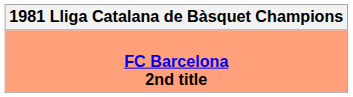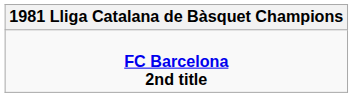 <table class=wikitable style="text-align:center; margin:auto">
 <tr>
 <th>1981 Lliga Catalana de Bàsquet Champions</th>
 </tr>
 <tr>
-<td style="background: lightsalmon;"> <br> <strong><a href='#'>FC Barcelona</a></strong> <br> <strong>2nd title</strong></td>
+<td> <br> <strong><a href='#'>FC Barcelona</a></strong> <br> <strong>2nd title</strong></td>
 </tr>
 </table>
